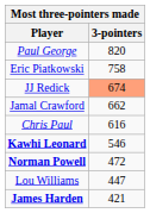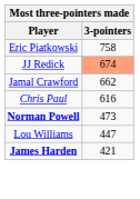 <table class="wikitable sortable" style="text-align:center">
 <tr>
 <th colspan="2" style="text-align:center; ">Most three-pointers made</th>
 </tr>
 <tr>
 <th style="text-align:center; ">Player</th>
 <th style="text-align:center; ">3-pointers</th>
-</tr>
-<tr>
-<td><em><a href='#'>Paul George</a></em></td>
-<td>820</td>
 </tr>
 <tr>
 <td><a href='#'>Eric Piatkowski</a></td>
 <td>758</td>
 </tr>
 <tr>
 <td><a href='#'>JJ Redick</a></td>
 <td style="background: lightsalmon;">674</td>
 </tr>
 <tr>
 <td><a href='#'>Jamal Crawford</a></td>
 <td>662</td>
 </tr>
 <tr>
 <td><em><a href='#'>Chris Paul</a></em></td>
 <td>616</td>
 </tr>
 <tr>
-<td><strong><a href='#'>Kawhi Leonard</a></strong></td>
-<td>546</td>
-</tr>
-<tr>
 <td><strong><a href='#'>Norman Powell</a></strong></td>
-<td>472</td>
+<td>473</td>
 </tr>
 <tr>
 <td><a href='#'>Lou Williams</a></td>
 <td>447</td>
 </tr>
 <tr>
 <td><strong><a href='#'>James Harden</a></strong></td>
 <td>421</td>
 </tr>
 </table>
